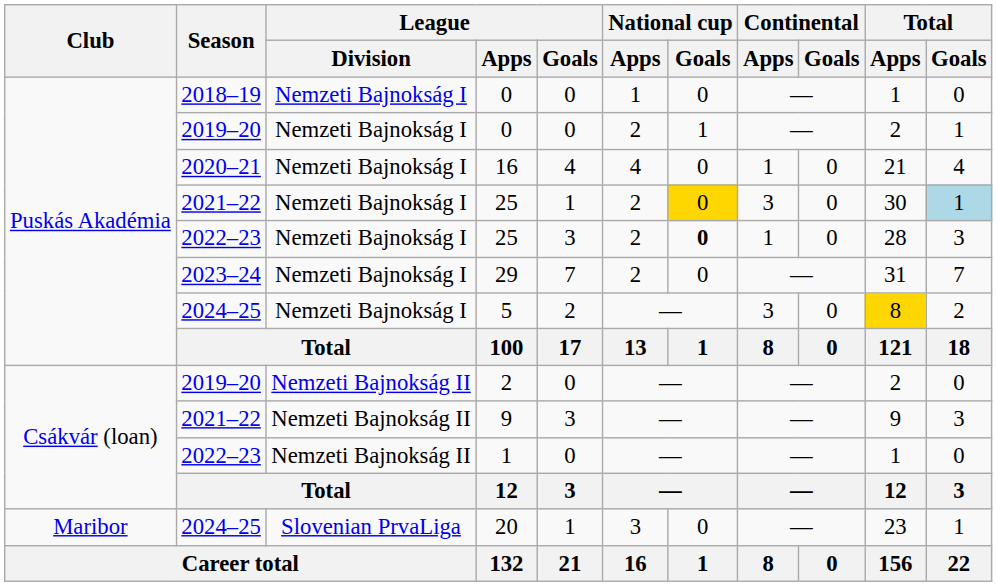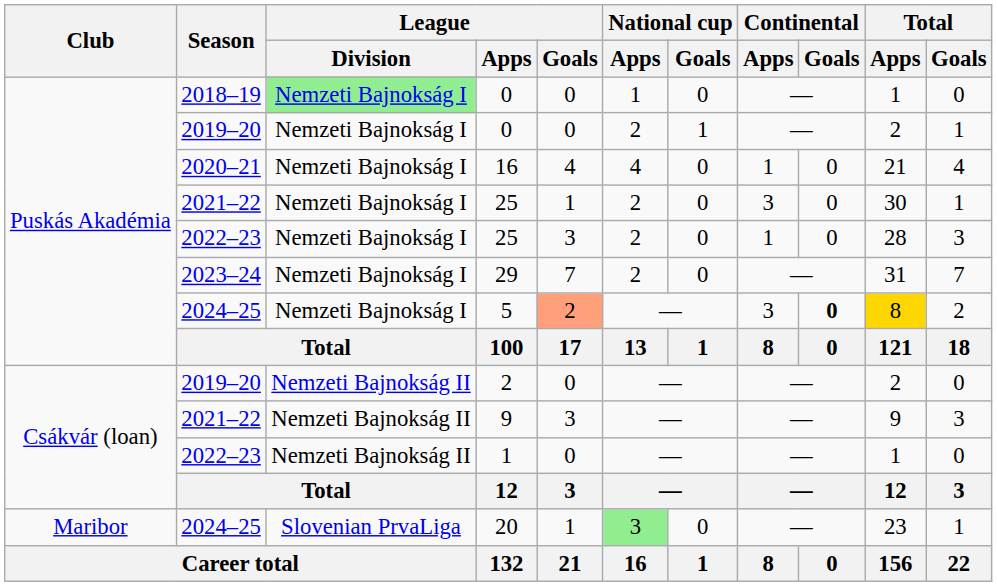 <table class="wikitable" style="text-align: center;">
 <tr>
 <th rowspan="2">Club</th>
 <th rowspan="2">Season</th>
 <th colspan="3">League</th>
 <th colspan="2">National cup</th>
 <th colspan="2">Continental</th>
 <th colspan="2">Total</th>
 </tr>
 <tr>
 <th>Division</th>
 <th>Apps</th>
 <th>Goals</th>
 <th>Apps</th>
 <th>Goals</th>
 <th>Apps</th>
 <th>Goals</th>
 <th>Apps</th>
 <th>Goals</th>
 </tr>
 <tr>
 <td rowspan="8"><a href='#'>Puskás Akadémia</a></td>
 <td><a href='#'>2018–19</a></td>
-<td><a href='#'>Nemzeti Bajnokság I</a></td>
+<td style="background: lightgreen;"><a href='#'>Nemzeti Bajnokság I</a></td>
 <td>0</td>
 <td>0</td>
 <td>1</td>
 <td>0</td>
 <td colspan="2">—</td>
 <td>1</td>
 <td>0</td>
 </tr>
 <tr>
 <td><a href='#'>2019–20</a></td>
 <td>Nemzeti Bajnokság I</td>
 <td>0</td>
 <td>0</td>
 <td>2</td>
 <td>1</td>
 <td colspan="2">—</td>
 <td>2</td>
 <td>1</td>
 </tr>
 <tr>
 <td><a href='#'>2020–21</a></td>
 <td>Nemzeti Bajnokság I</td>
 <td>16</td>
 <td>4</td>
 <td>4</td>
 <td>0</td>
 <td>1</td>
 <td>0</td>
 <td>21</td>
 <td>4</td>
 </tr>
 <tr>
 <td><a href='#'>2021–22</a></td>
 <td>Nemzeti Bajnokság I</td>
 <td>25</td>
 <td>1</td>
 <td>2</td>
-<td style="background: gold;">0</td>
+<td>0</td>
 <td>3</td>
 <td>0</td>
 <td>30</td>
-<td style="background: lightblue;">1</td>
+<td>1</td>
 </tr>
 <tr>
 <td><a href='#'>2022–23</a></td>
 <td>Nemzeti Bajnokság I</td>
 <td>25</td>
 <td>3</td>
 <td>2</td>
-<td><strong>0</strong></td>
+<td>0</td>
 <td>1</td>
 <td>0</td>
 <td>28</td>
 <td>3</td>
 </tr>
 <tr>
 <td><a href='#'>2023–24</a></td>
 <td>Nemzeti Bajnokság I</td>
 <td>29</td>
 <td>7</td>
 <td>2</td>
 <td>0</td>
 <td colspan="2">—</td>
 <td>31</td>
 <td>7</td>
 </tr>
 <tr>
 <td><a href='#'>2024–25</a></td>
 <td>Nemzeti Bajnokság I</td>
 <td>5</td>
-<td>2</td>
+<td style="background: lightsalmon;">2</td>
 <td colspan="2">—</td>
 <td>3</td>
-<td>0</td>
+<td><strong>0</strong></td>
 <td style="background: gold;">8</td>
 <td>2</td>
 </tr>
 <tr>
 <th colspan="2">Total</th>
 <th>100</th>
 <th>17</th>
 <th>13</th>
 <th>1</th>
 <th>8</th>
 <th>0</th>
 <th>121</th>
 <th>18</th>
 </tr>
 <tr>
 <td rowspan="4"><a href='#'>Csákvár</a> (loan)</td>
 <td><a href='#'>2019–20</a></td>
 <td><a href='#'>Nemzeti Bajnokság II</a></td>
 <td>2</td>
 <td>0</td>
 <td colspan="2">—</td>
 <td colspan="2">—</td>
 <td>2</td>
 <td>0</td>
 </tr>
 <tr>
 <td><a href='#'>2021–22</a></td>
 <td>Nemzeti Bajnokság II</td>
 <td>9</td>
 <td>3</td>
 <td colspan="2">—</td>
 <td colspan="2">—</td>
 <td>9</td>
 <td>3</td>
 </tr>
 <tr>
 <td><a href='#'>2022–23</a></td>
 <td>Nemzeti Bajnokság II</td>
 <td>1</td>
 <td>0</td>
 <td colspan="2">—</td>
 <td colspan="2">—</td>
 <td>1</td>
 <td>0</td>
 </tr>
 <tr>
 <th colspan="2">Total</th>
 <th>12</th>
 <th>3</th>
 <th colspan="2">—</th>
 <th colspan="2">—</th>
 <th>12</th>
 <th>3</th>
 </tr>
 <tr>
 <td><a href='#'>Maribor</a></td>
 <td><a href='#'>2024–25</a></td>
 <td><a href='#'>Slovenian PrvaLiga</a></td>
 <td>20</td>
 <td>1</td>
-<td>3</td>
+<td style="background: lightgreen;">3</td>
 <td>0</td>
 <td colspan="2">—</td>
 <td>23</td>
 <td>1</td>
 </tr>
 <tr>
 <th colspan="3">Career total</th>
 <th>132</th>
 <th>21</th>
 <th>16</th>
 <th>1</th>
 <th>8</th>
 <th>0</th>
 <th>156</th>
 <th>22</th>
 </tr>
 </table>
